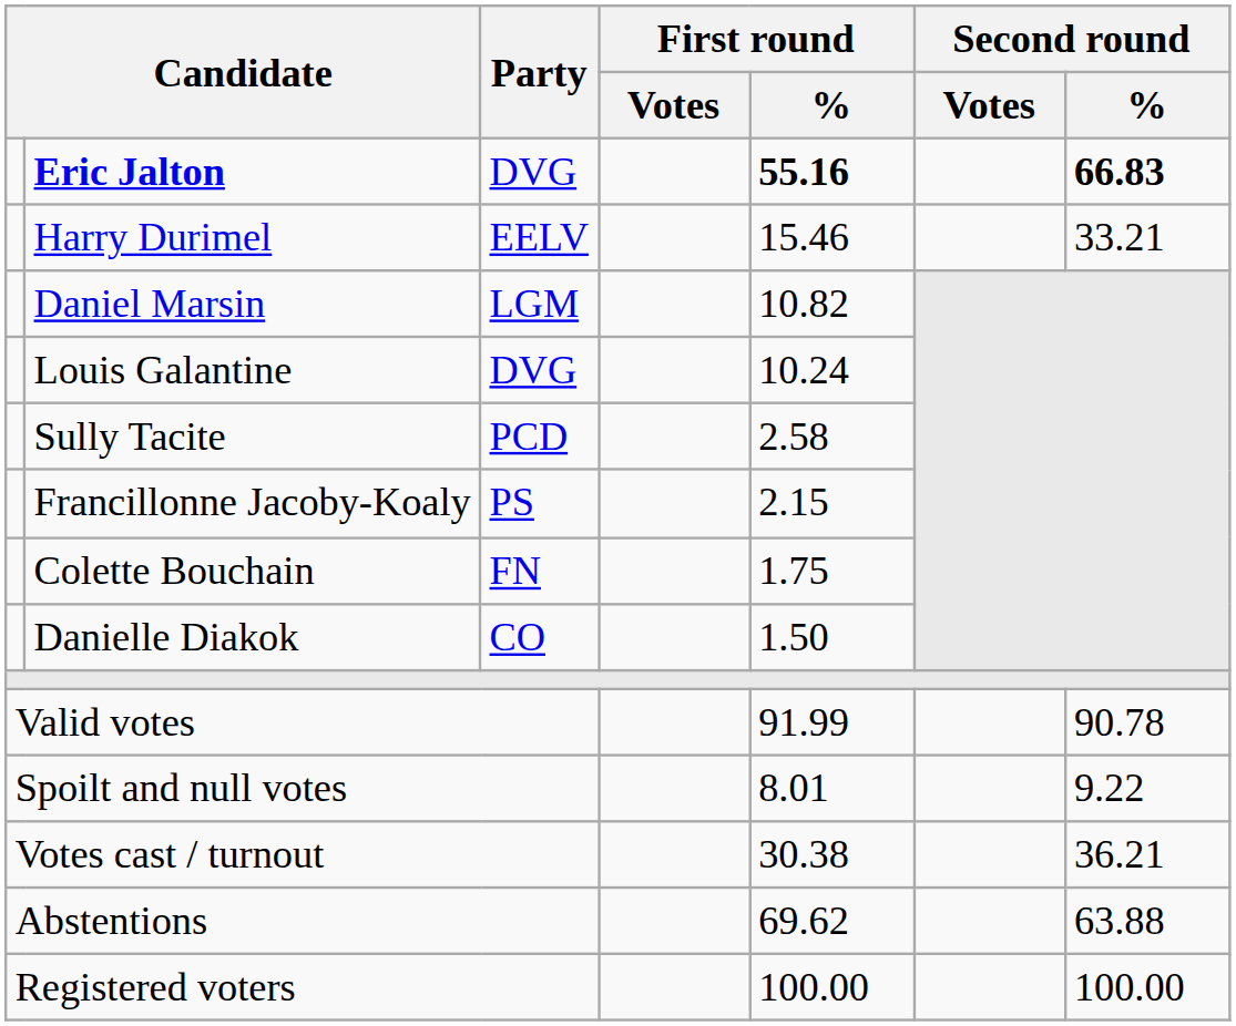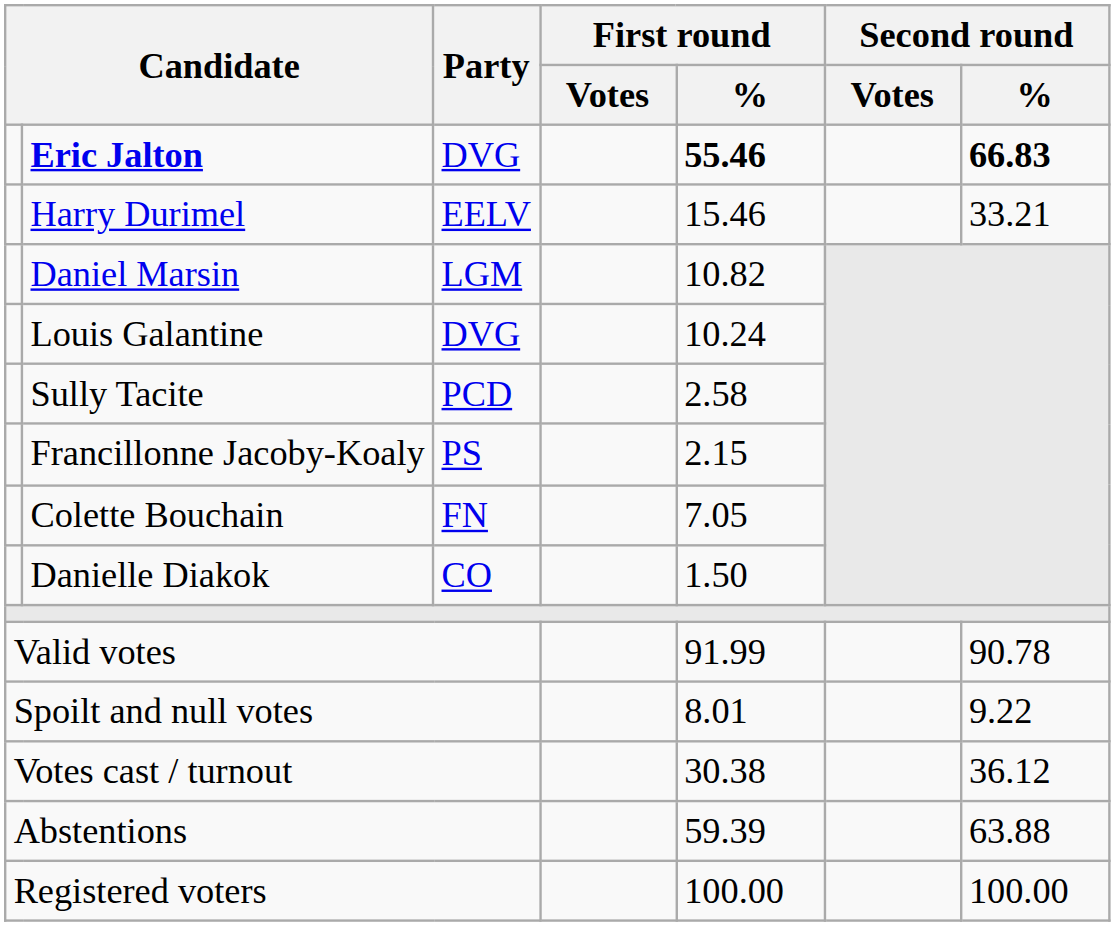 <table class="wikitable" style="text-align:left;font-size:95%;">
 <tr>
 <th rowspan=2 colspan=2>Candidate</th>
 <th rowspan=2 colspan=1>Party</th>
 <th colspan=2>First round</th>
 <th colspan=2>Second round</th>
 </tr>
 <tr>
 <th style="width:50px;">Votes</th>
 <th style="width:55px;">%</th>
 <th style="width:50px;">Votes</th>
 <th style="width:55px;">%</th>
 </tr>
 <tr>
 <td style="color:inherit;background-color:"></td>
 <td><strong><a href='#'>Eric Jalton</a></strong></td>
 <td><a href='#'>DVG</a></td>
 <td><strong></strong></td>
-<td><strong>55.16</strong></td>
+<td><strong>55.46</strong></td>
 <td><strong></strong></td>
 <td><strong>66.83</strong></td>
 </tr>
 <tr>
 <td style="color:inherit;background-color:"></td>
 <td><a href='#'>Harry Durimel</a></td>
 <td><a href='#'>EELV</a></td>
 <td></td>
 <td>15.46</td>
 <td></td>
 <td>33.21</td>
 </tr>
 <tr>
 <td style="color:inherit;background-color:"></td>
 <td><a href='#'>Daniel Marsin</a></td>
 <td><a href='#'>LGM</a></td>
 <td></td>
 <td>10.82</td>
 <td colspan=7 rowspan=6 style="background-color:#E9E9E9;"></td>
 </tr>
 <tr>
 <td style="color:inherit;background-color:"></td>
 <td>Louis Galantine</td>
 <td><a href='#'>DVG</a></td>
 <td></td>
 <td>10.24</td>
 </tr>
 <tr>
 <td style="color:inherit;background-color:"></td>
 <td>Sully Tacite</td>
 <td><a href='#'>PCD</a></td>
 <td></td>
 <td>2.58</td>
 </tr>
 <tr>
 <td style="color:inherit;background-color:"></td>
 <td>Francillonne Jacoby-Koaly</td>
 <td><a href='#'>PS</a></td>
 <td></td>
 <td>2.15</td>
 </tr>
 <tr>
 <td style="color:inherit;background-color:"></td>
 <td>Colette Bouchain</td>
 <td><a href='#'>FN</a></td>
 <td></td>
-<td>1.75</td>
+<td>7.05</td>
 </tr>
 <tr>
 <td style="color:inherit;background-color:"></td>
 <td>Danielle Diakok</td>
 <td><a href='#'>CO</a></td>
 <td></td>
 <td>1.50</td>
 </tr>
 <tr>
 <td colspan=7 style="background-color:#E9E9E9;"></td>
 </tr>
 <tr>
 <td colspan=3>Valid votes</td>
 <td></td>
 <td>91.99</td>
 <td></td>
 <td>90.78</td>
 </tr>
 <tr>
 <td colspan=3>Spoilt and null votes</td>
 <td></td>
 <td>8.01</td>
 <td></td>
 <td>9.22</td>
 </tr>
 <tr>
 <td colspan=3>Votes cast / turnout</td>
 <td></td>
 <td>30.38</td>
 <td></td>
-<td>36.21</td>
+<td>36.12</td>
 </tr>
 <tr>
 <td colspan=3>Abstentions</td>
 <td></td>
-<td>69.62</td>
+<td>59.39</td>
 <td></td>
 <td>63.88</td>
 </tr>
 <tr>
 <td colspan=3>Registered voters</td>
 <td></td>
 <td>100.00</td>
 <td></td>
 <td>100.00</td>
 </tr>
 </table>
